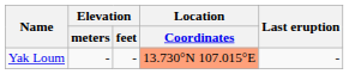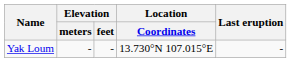 <table class="wikitable">
 <tr>
 <th rowspan="2">Name</th>
 <th colspan ="2">Elevation</th>
 <th>Location</th>
 <th rowspan="2">Last eruption</th>
 </tr>
 <tr>
 <th>meters</th>
 <th>feet</th>
 <th><a href='#'>Coordinates</a></th>
 </tr>
 <tr align="right">
 <td align="left"><a href='#'>Yak Loum</a></td>
 <td>-</td>
 <td>-</td>
-<td style="background: lightsalmon;">13.730°N 107.015°E</td>
+<td>13.730°N 107.015°E</td>
 <td>-</td>
 </tr>
 </table>
